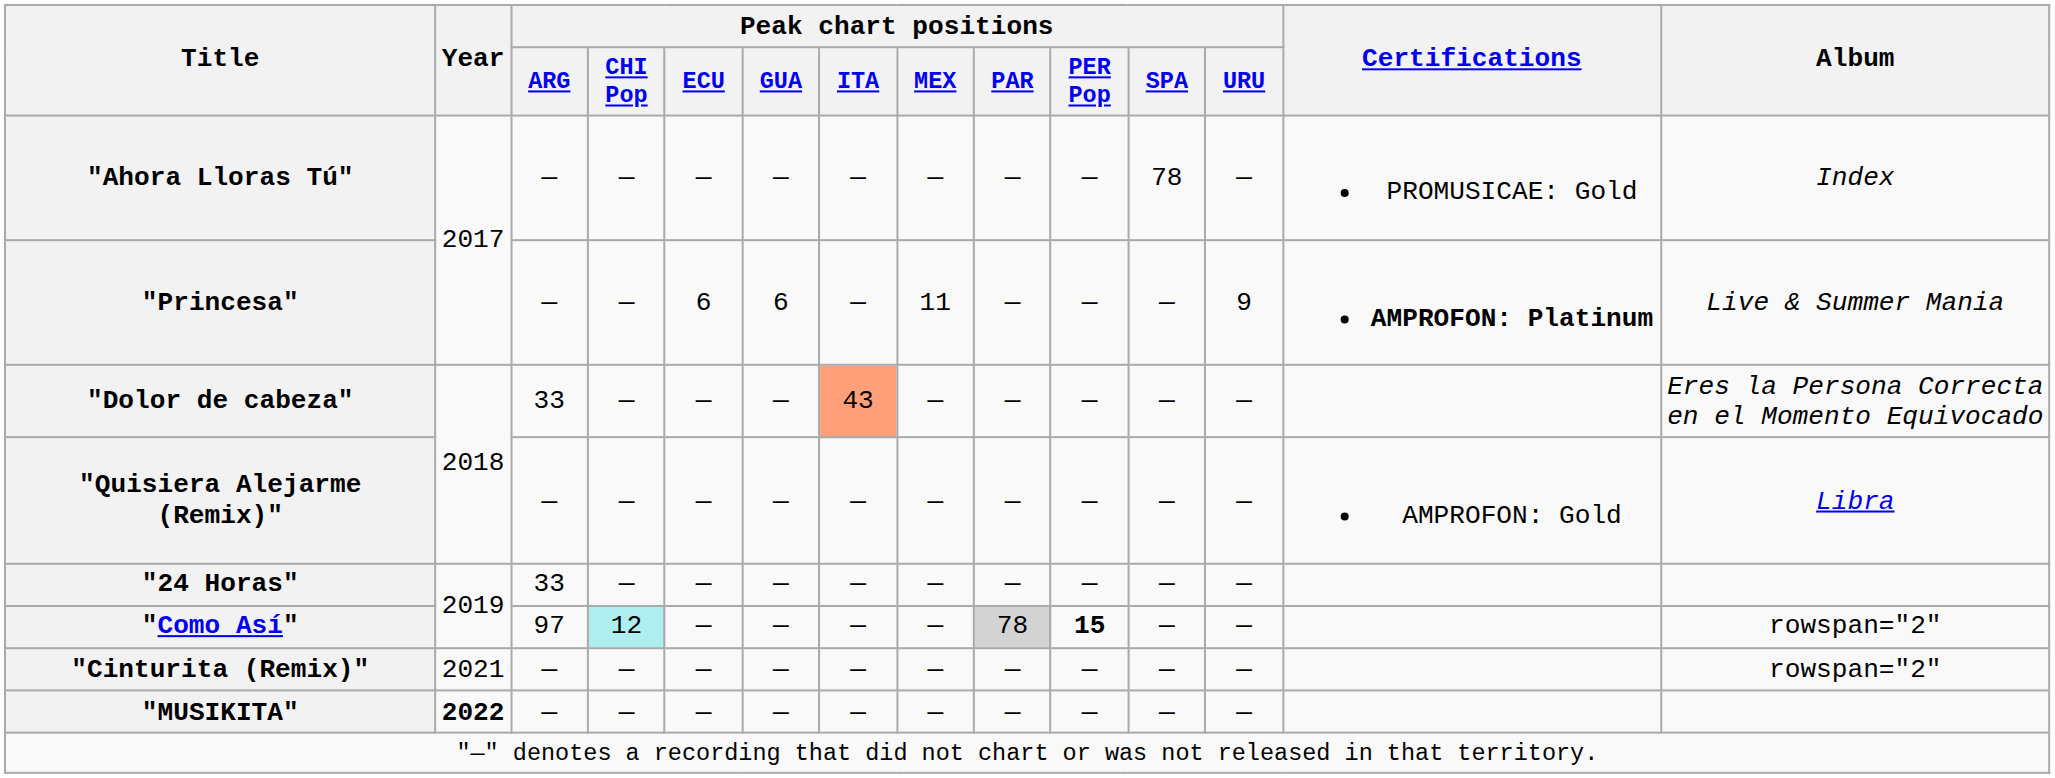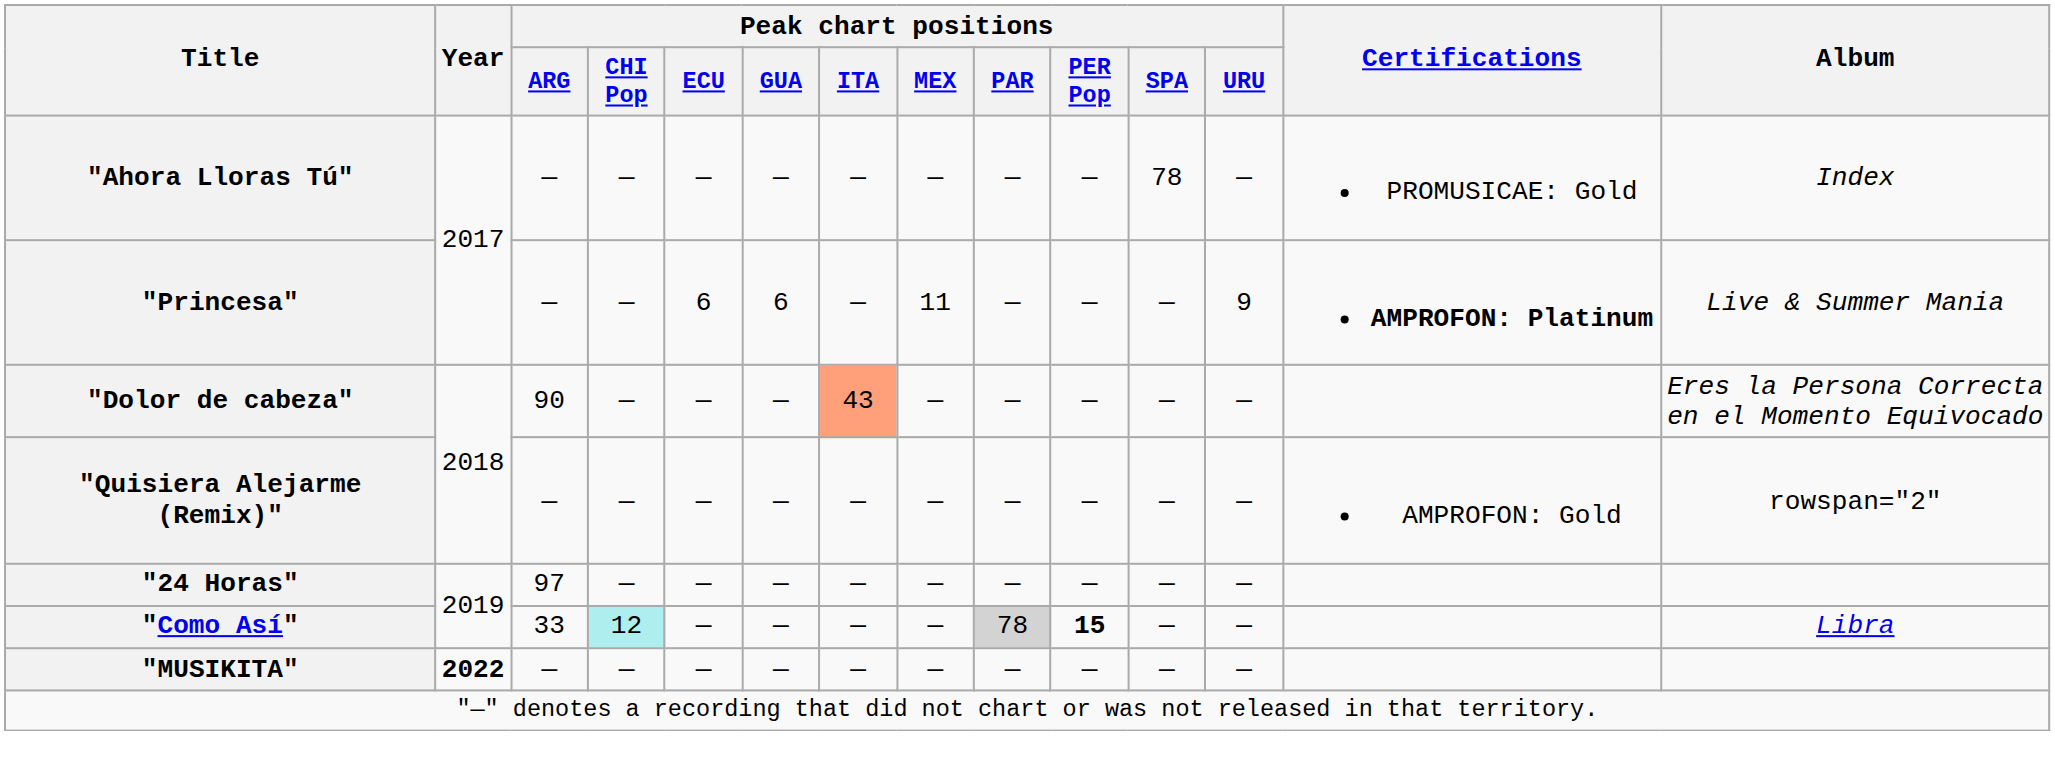 <table class="wikitable plainrowheaders" style="text-align:center;">
 <tr>
 <th scope="col" rowspan="2" style="width:16em;">Title</th>
 <th scope="col" rowspan="2">Year</th>
 <th scope="col" colspan="10">Peak chart positions</th>
 <th scope="col" rowspan="2" style="width:14em;"><a href='#'>Certifications</a></th>
 <th scope="col" rowspan="2">Album</th>
 </tr>
 <tr>
 <th scope="col" style="width:2.8em;font-size:90%;"><a href='#'>ARG</a><br></th>
 <th scope="col" style="width:2.8em;font-size:90%;"><a href='#'>CHI<br>Pop</a><br></th>
 <th scope="col" style="width:2.8em;font-size:90%;"><a href='#'>ECU</a><br></th>
 <th scope="col" style="width:2.8em;font-size:90%;"><a href='#'>GUA</a><br></th>
 <th scope="col" style="width:2.8em;font-size:90%;"><a href='#'>ITA</a><br></th>
 <th scope="col" style="width:2.8em;font-size:90%;"><a href='#'>MEX</a><br></th>
 <th scope="col" style="width:2.8em;font-size:90%;"><a href='#'>PAR</a><br></th>
 <th scope="col" style="width:2.8em;font-size:90%;"><a href='#'>PER<br>Pop</a><br></th>
 <th scope="col" style="width:2.8em;font-size:90%;"><a href='#'>SPA</a><br></th>
 <th scope="col" style="width:2.8em;font-size:90%;"><a href='#'>URU</a><br></th>
 </tr>
 <tr>
 <th scope="row">"Ahora Lloras Tú"<br></th>
 <td rowspan="2">2017</td>
 <td>—</td>
 <td>—</td>
 <td>—</td>
 <td>—</td>
 <td>—</td>
 <td>—</td>
 <td>—</td>
 <td>—</td>
 <td>78</td>
 <td>—</td>
 <td><br><ul><li>PROMUSICAE: Gold</li></ul></td>
 <td><em>Index</em></td>
 </tr>
 <tr>
 <th scope="row">"Princesa"<br></th>
 <td>—</td>
 <td>—</td>
 <td>6</td>
 <td>6</td>
 <td>—</td>
 <td>11</td>
 <td>—</td>
 <td>—</td>
 <td>—</td>
 <td>9</td>
 <td><strong><br><ul><li>AMPROFON: Platinum</li></ul></strong></td>
 <td><em>Live & Summer Mania</em></td>
 </tr>
 <tr>
 <th scope="row">"Dolor de cabeza"<br></th>
 <td rowspan="2">2018</td>
-<td>33</td>
+<td>90</td>
 <td>—</td>
 <td>—</td>
 <td>—</td>
 <td style="background: lightsalmon;">43</td>
 <td>—</td>
 <td>—</td>
 <td>—</td>
 <td>—</td>
 <td>—</td>
 <td></td>
 <td><em>Eres la Persona Correcta<br>en el Momento Equivocado</em></td>
 </tr>
 <tr>
 <th scope="row">"Quisiera Alejarme (Remix)"<br></th>
 <td>—</td>
 <td>—</td>
 <td>—</td>
 <td>—</td>
 <td>—</td>
 <td>—</td>
 <td>—</td>
 <td>—</td>
 <td>—</td>
 <td>—</td>
 <td><br><ul><li>AMPROFON: Gold</li></ul></td>
-<td><em><a href='#'>Libra</a></em></td>
+<td>rowspan="2" </td>
 </tr>
 <tr>
 <th scope="row">"24 Horas"<br></th>
 <td rowspan="2">2019</td>
-<td>33</td>
+<td>97</td>
 <td>—</td>
 <td>—</td>
 <td>—</td>
 <td>—</td>
 <td>—</td>
 <td>—</td>
 <td>—</td>
 <td>—</td>
 <td>—</td>
 <td></td>
 </tr>
 <tr>
 <th scope="row">"<a href='#'>Como Así</a>"<br></th>
-<td>97</td>
+<td>33</td>
 <td style="background: paleturquoise;">12</td>
 <td>—</td>
 <td>—</td>
 <td>—</td>
 <td>—</td>
 <td style="background: lightgrey;">78</td>
 <td><strong>15</strong></td>
 <td>—</td>
 <td>—</td>
 <td></td>
-<td>rowspan="2" </td>
-</tr>
-<tr>
-<th scope="row">"Cinturita (Remix)"<br></th>
-<td>2021</td>
-<td>—</td>
-<td>—</td>
-<td>—</td>
-<td>—</td>
-<td>—</td>
-<td>—</td>
-<td>—</td>
-<td>—</td>
-<td>—</td>
-<td>—</td>
-<td></td>
-<td>rowspan="2" </td>
+<td><em><a href='#'>Libra</a></em></td>
 </tr>
 <tr>
 <th scope="row">"MUSIKITA"<br></th>
 <td><strong>2022</strong></td>
 <td>—</td>
 <td>—</td>
 <td>—</td>
 <td>—</td>
 <td>—</td>
 <td>—</td>
 <td>—</td>
 <td>—</td>
 <td>—</td>
 <td>—</td>
 <td></td>
 </tr>
 <tr>
 <td colspan="14" style="font-size:90%">"—" denotes a recording that did not chart or was not released in that territory.</td>
 </tr>
 </table>
